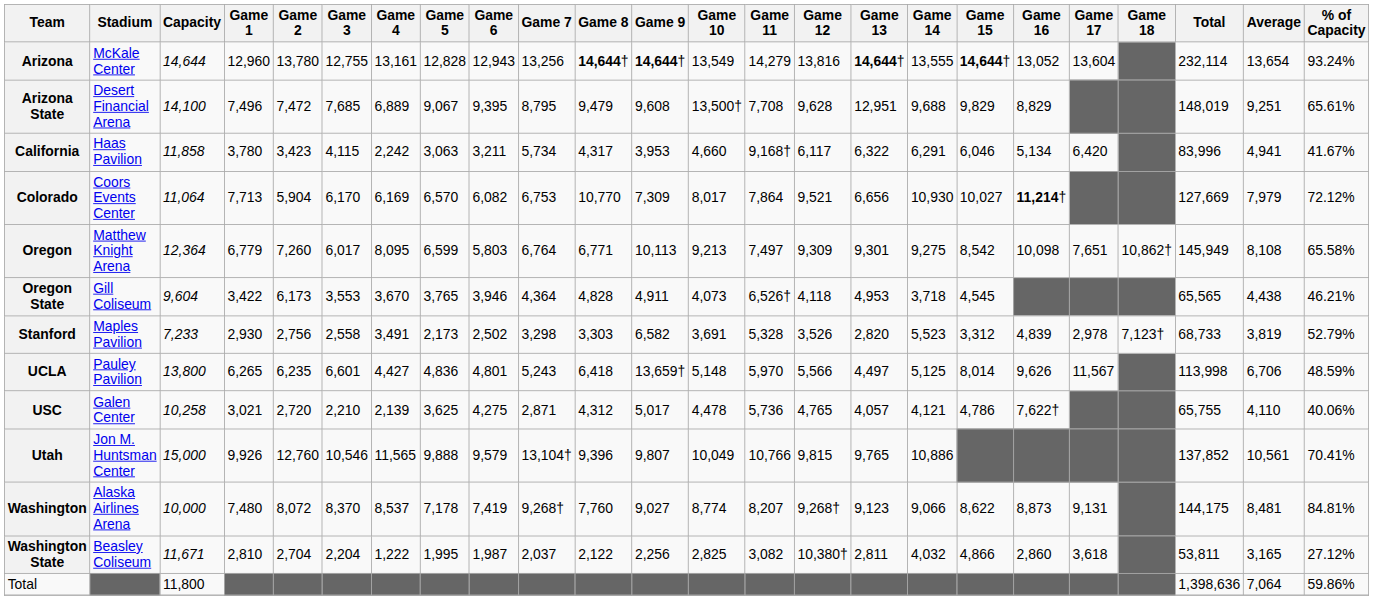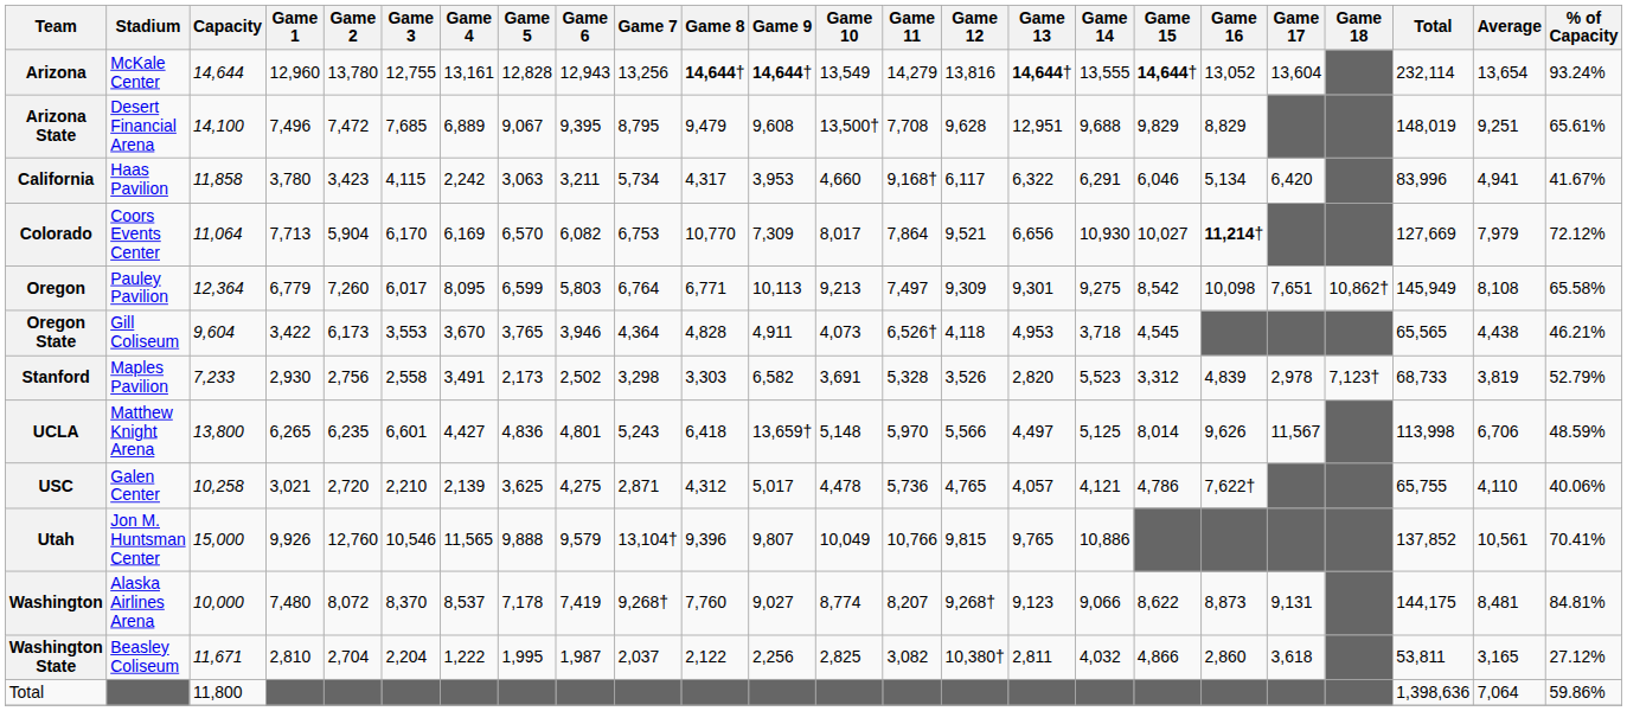 <table class="wikitable">
 <tr>
 <th>Team</th>
 <th>Stadium</th>
 <th>Capacity</th>
 <th>Game 1</th>
 <th>Game 2</th>
 <th>Game 3</th>
 <th>Game 4</th>
 <th>Game 5</th>
 <th>Game 6</th>
 <th>Game 7</th>
 <th>Game 8</th>
 <th>Game 9</th>
 <th>Game 10</th>
 <th>Game 11</th>
 <th>Game 12</th>
 <th>Game 13</th>
 <th>Game 14</th>
 <th>Game 15</th>
 <th>Game 16</th>
 <th>Game 17</th>
 <th>Game 18</th>
 <th>Total</th>
 <th>Average</th>
 <th>% of Capacity</th>
 </tr>
 <tr>
 <th>Arizona</th>
 <td><a href='#'>McKale Center</a></td>
 <td><em>14,644</em></td>
 <td>12,960</td>
 <td>13,780</td>
 <td>12,755</td>
 <td>13,161</td>
 <td>12,828</td>
 <td>12,943</td>
 <td>13,256</td>
 <td><strong>14,644</strong>†</td>
 <td><strong>14,644</strong>†</td>
 <td>13,549</td>
 <td>14,279</td>
 <td>13,816</td>
 <td><strong>14,644</strong>†</td>
 <td>13,555</td>
 <td><strong>14,644</strong>†</td>
 <td>13,052</td>
 <td>13,604</td>
 <td style="background:#666666;"></td>
 <td>232,114</td>
 <td>13,654</td>
 <td>93.24%</td>
 </tr>
 <tr>
 <th>Arizona State</th>
 <td><a href='#'>Desert Financial Arena</a></td>
 <td><em>14,100</em></td>
 <td>7,496</td>
 <td>7,472</td>
 <td>7,685</td>
 <td>6,889</td>
 <td>9,067</td>
 <td>9,395</td>
 <td>8,795</td>
 <td>9,479</td>
 <td>9,608</td>
 <td>13,500†</td>
 <td>7,708</td>
 <td>9,628</td>
 <td>12,951</td>
 <td>9,688</td>
 <td>9,829</td>
 <td>8,829</td>
 <td style="background:#666666;"></td>
 <td style="background:#666666;"></td>
 <td>148,019</td>
 <td>9,251</td>
 <td>65.61%</td>
 </tr>
 <tr>
 <th>California</th>
 <td><a href='#'>Haas Pavilion</a></td>
 <td><em>11,858</em></td>
 <td>3,780</td>
 <td>3,423</td>
 <td>4,115</td>
 <td>2,242</td>
 <td>3,063</td>
 <td>3,211</td>
 <td>5,734</td>
 <td>4,317</td>
 <td>3,953</td>
 <td>4,660</td>
 <td>9,168†</td>
 <td>6,117</td>
 <td>6,322</td>
 <td>6,291</td>
 <td>6,046</td>
 <td>5,134</td>
 <td>6,420</td>
 <td style="background:#666666;"></td>
 <td>83,996</td>
 <td>4,941</td>
 <td>41.67%</td>
 </tr>
 <tr>
 <th>Colorado</th>
 <td><a href='#'>Coors Events Center</a></td>
 <td><em>11,064</em></td>
 <td>7,713</td>
 <td>5,904</td>
 <td>6,170</td>
 <td>6,169</td>
 <td>6,570</td>
 <td>6,082</td>
 <td>6,753</td>
 <td>10,770</td>
 <td>7,309</td>
 <td>8,017</td>
 <td>7,864</td>
 <td>9,521</td>
 <td>6,656</td>
 <td>10,930</td>
 <td>10,027</td>
 <td><strong>11,214</strong>†</td>
 <td style="background:#666666;"></td>
 <td style="background:#666666;"></td>
 <td>127,669</td>
 <td>7,979</td>
 <td>72.12%</td>
 </tr>
 <tr>
 <th>Oregon</th>
-<td><a href='#'>Matthew Knight Arena</a></td>
+<td><a href='#'>Pauley Pavilion</a></td>
 <td><em>12,364</em></td>
 <td>6,779</td>
 <td>7,260</td>
 <td>6,017</td>
 <td>8,095</td>
 <td>6,599</td>
 <td>5,803</td>
 <td>6,764</td>
 <td>6,771</td>
 <td>10,113</td>
 <td>9,213</td>
 <td>7,497</td>
 <td>9,309</td>
 <td>9,301</td>
 <td>9,275</td>
 <td>8,542</td>
 <td>10,098</td>
 <td>7,651</td>
 <td>10,862†</td>
 <td>145,949</td>
 <td>8,108</td>
 <td>65.58%</td>
 </tr>
 <tr>
 <th>Oregon State</th>
 <td><a href='#'>Gill Coliseum</a></td>
 <td><em>9,604</em></td>
 <td>3,422</td>
 <td>6,173</td>
 <td>3,553</td>
 <td>3,670</td>
 <td>3,765</td>
 <td>3,946</td>
 <td>4,364</td>
 <td>4,828</td>
 <td>4,911</td>
 <td>4,073</td>
 <td>6,526†</td>
 <td>4,118</td>
 <td>4,953</td>
 <td>3,718</td>
 <td>4,545</td>
 <td style="background:#666666;"></td>
 <td style="background:#666666;"></td>
 <td style="background:#666666;"></td>
 <td>65,565</td>
 <td>4,438</td>
 <td>46.21%</td>
 </tr>
 <tr>
 <th>Stanford</th>
 <td><a href='#'>Maples Pavilion</a></td>
 <td><em>7,233</em></td>
 <td>2,930</td>
 <td>2,756</td>
 <td>2,558</td>
 <td>3,491</td>
 <td>2,173</td>
 <td>2,502</td>
 <td>3,298</td>
 <td>3,303</td>
 <td>6,582</td>
 <td>3,691</td>
 <td>5,328</td>
 <td>3,526</td>
 <td>2,820</td>
 <td>5,523</td>
 <td>3,312</td>
 <td>4,839</td>
 <td>2,978</td>
 <td>7,123†</td>
 <td>68,733</td>
 <td>3,819</td>
 <td>52.79%</td>
 </tr>
 <tr>
 <th>UCLA</th>
-<td><a href='#'>Pauley Pavilion</a></td>
+<td><a href='#'>Matthew Knight Arena</a></td>
 <td><em>13,800</em></td>
 <td>6,265</td>
 <td>6,235</td>
 <td>6,601</td>
 <td>4,427</td>
 <td>4,836</td>
 <td>4,801</td>
 <td>5,243</td>
 <td>6,418</td>
 <td>13,659†</td>
 <td>5,148</td>
 <td>5,970</td>
 <td>5,566</td>
 <td>4,497</td>
 <td>5,125</td>
 <td>8,014</td>
 <td>9,626</td>
 <td>11,567</td>
 <td style="background:#666666;"></td>
 <td>113,998</td>
 <td>6,706</td>
 <td>48.59%</td>
 </tr>
 <tr>
 <th>USC</th>
 <td><a href='#'>Galen Center</a></td>
 <td><em>10,258</em></td>
 <td>3,021</td>
 <td>2,720</td>
 <td>2,210</td>
 <td>2,139</td>
 <td>3,625</td>
 <td>4,275</td>
 <td>2,871</td>
 <td>4,312</td>
 <td>5,017</td>
 <td>4,478</td>
 <td>5,736</td>
 <td>4,765</td>
 <td>4,057</td>
 <td>4,121</td>
 <td>4,786</td>
 <td>7,622†</td>
 <td style="background:#666666;"></td>
 <td style="background:#666666;"></td>
 <td>65,755</td>
 <td>4,110</td>
 <td>40.06%</td>
 </tr>
 <tr>
 <th>Utah</th>
 <td><a href='#'>Jon M. Huntsman Center</a></td>
 <td><em>15,000</em></td>
 <td>9,926</td>
 <td>12,760</td>
 <td>10,546</td>
 <td>11,565</td>
 <td>9,888</td>
 <td>9,579</td>
 <td>13,104†</td>
 <td>9,396</td>
 <td>9,807</td>
 <td>10,049</td>
 <td>10,766</td>
 <td>9,815</td>
 <td>9,765</td>
 <td>10,886</td>
 <td style="background:#666666;"></td>
 <td style="background:#666666;"></td>
 <td style="background:#666666;"></td>
 <td style="background:#666666;"></td>
 <td>137,852</td>
 <td>10,561</td>
 <td>70.41%</td>
 </tr>
 <tr>
 <th>Washington</th>
 <td><a href='#'>Alaska Airlines Arena</a></td>
 <td><em>10,000</em></td>
 <td>7,480</td>
 <td>8,072</td>
 <td>8,370</td>
 <td>8,537</td>
 <td>7,178</td>
 <td>7,419</td>
 <td>9,268†</td>
 <td>7,760</td>
 <td>9,027</td>
 <td>8,774</td>
 <td>8,207</td>
 <td>9,268†</td>
 <td>9,123</td>
 <td>9,066</td>
 <td>8,622</td>
 <td>8,873</td>
 <td>9,131</td>
 <td style="background:#666666;"></td>
 <td>144,175</td>
 <td>8,481</td>
 <td>84.81%</td>
 </tr>
 <tr>
 <th>Washington State</th>
 <td><a href='#'>Beasley Coliseum</a></td>
 <td><em>11,671</em></td>
 <td>2,810</td>
 <td>2,704</td>
 <td>2,204</td>
 <td>1,222</td>
 <td>1,995</td>
 <td>1,987</td>
 <td>2,037</td>
 <td>2,122</td>
 <td>2,256</td>
 <td>2,825</td>
 <td>3,082</td>
 <td>10,380†</td>
 <td>2,811</td>
 <td>4,032</td>
 <td>4,866</td>
 <td>2,860</td>
 <td>3,618</td>
 <td style="background:#666666;"></td>
 <td>53,811</td>
 <td>3,165</td>
 <td>27.12%</td>
 </tr>
 <tr>
 <td>Total</td>
 <td style="background:#666666;"></td>
 <td>11,800</td>
 <td style="background:#666666;"></td>
 <td style="background:#666666;"></td>
 <td style="background:#666666;"></td>
 <td style="background:#666666;"></td>
 <td style="background:#666666;"></td>
 <td style="background:#666666;"></td>
 <td style="background:#666666;"></td>
 <td style="background:#666666;"></td>
 <td style="background:#666666;"></td>
 <td style="background:#666666;"></td>
 <td style="background:#666666;"></td>
 <td style="background:#666666;"></td>
 <td style="background:#666666;"></td>
 <td style="background:#666666;"></td>
 <td style="background:#666666;"></td>
 <td style="background:#666666;"></td>
 <td style="background:#666666;"></td>
 <td style="background:#666666;"></td>
 <td>1,398,636</td>
 <td>7,064</td>
 <td>59.86%</td>
 </tr>
 <tr>
 </tr>
 </table>
